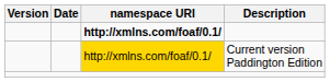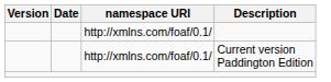 <table class="wikitable sortable">
 <tr>
 <th>Version</th>
 <th>Date</th>
 <th>namespace URI</th>
 <th>Description</th>
 </tr>
 <tr>
 <td></td>
 <td><br></td>
-<td><strong>http://xmlns.com/foaf/0.1/</strong></td>
+<td>http://xmlns.com/foaf/0.1/</td>
 </tr>
 <tr>
 <td></td>
 <td></td>
-<td style="background: gold;">http://xmlns.com/foaf/0.1/</td>
+<td>http://xmlns.com/foaf/0.1/</td>
 <td>Current version <br>Paddington Edition</td>
 </tr>
 <tr>
 <td colspan=4></td>
 </tr>
 </table>
